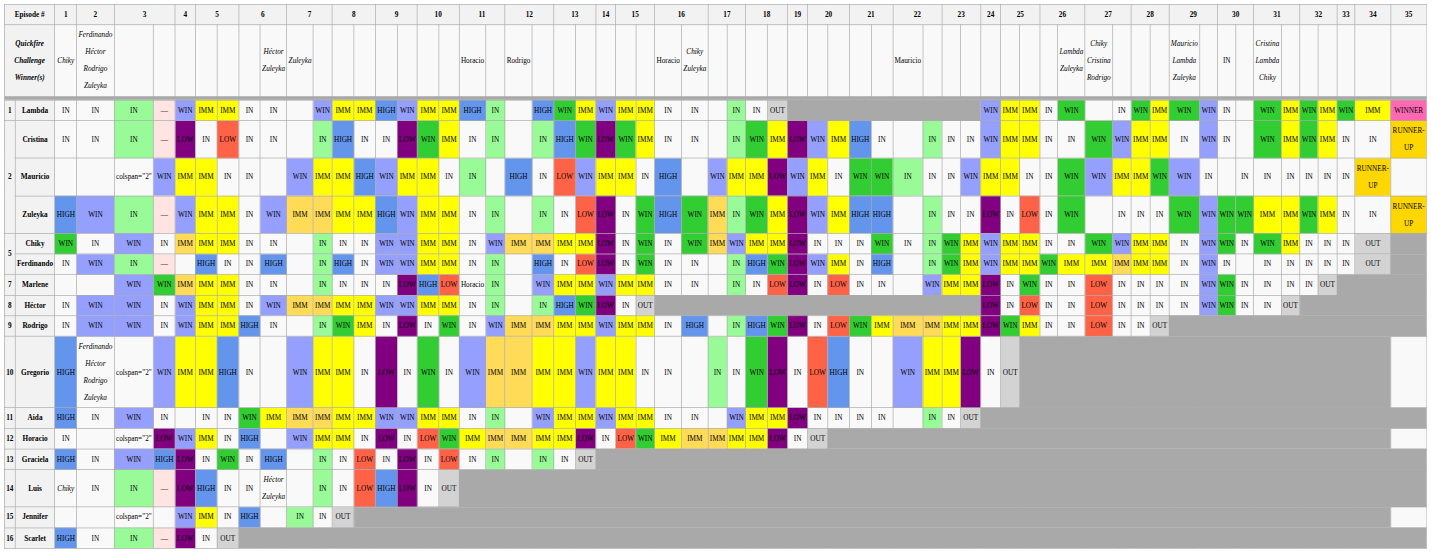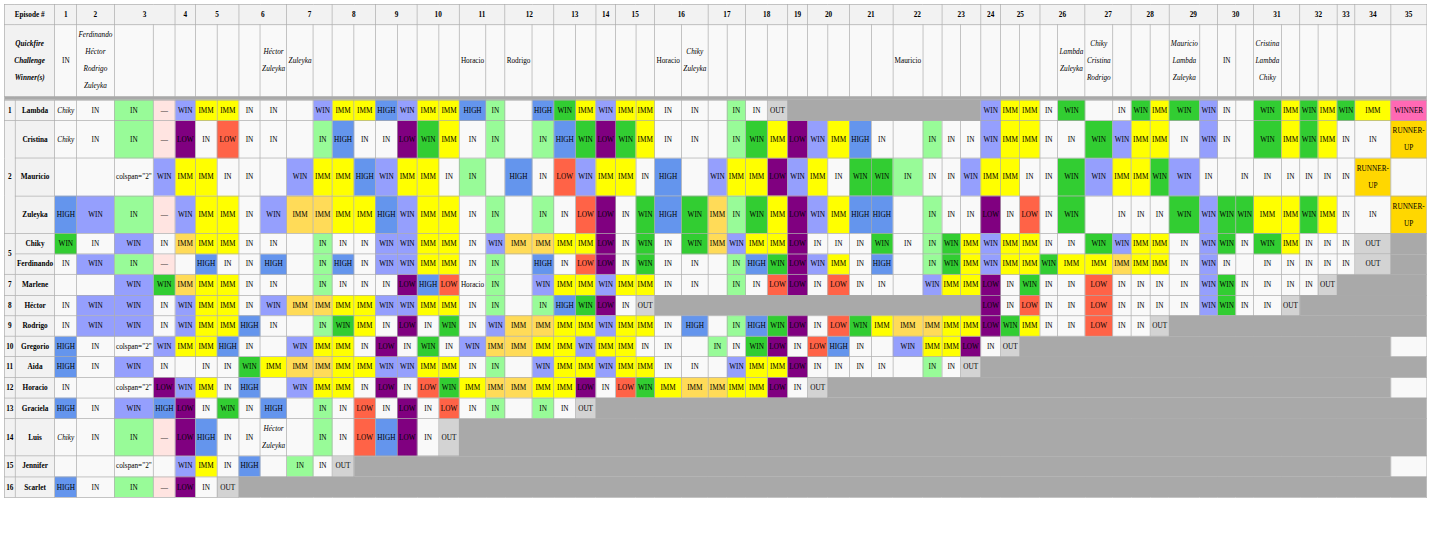 <table class="wikitable" style="text-align:center; font-size: 8pt; line-height:25px">
 <tr>
 <th colspan=2>Episode #</th>
 <th>1</th>
 <th>2</th>
 <th colspan="2">3</th>
 <th>4</th>
 <th colspan="2">5</th>
 <th colspan="2">6</th>
 <th colspan="2">7</th>
 <th colspan="2">8</th>
 <th colspan="2">9</th>
 <th colspan="2">10</th>
 <th colspan="2">11</th>
 <th colspan="2">12</th>
 <th colspan="2">13</th>
 <th>14</th>
 <th colspan="2">15</th>
 <th colspan="2">16</th>
 <th colspan="2">17</th>
 <th colspan="2">18</th>
 <th>19</th>
 <th colspan="2">20</th>
 <th colspan="2">21</th>
 <th colspan="2">22</th>
 <th colspan="2">23</th>
 <th>24</th>
 <th colspan="2">25</th>
 <th colspan="2">26</th>
 <th colspan="2">27</th>
 <th colspan="2">28</th>
 <th colspan="2">29</th>
 <th colspan="2">30</th>
 <th colspan="2">31</th>
 <th colspan="2">32</th>
 <th>33</th>
 <th>34</th>
 <th>35</th>
 </tr>
 <tr>
 <th colspan=2><em>Quickfire Challenge<br>Winner(s)</em></th>
-<td><em>Chiky</em></td>
+<td>IN</td>
 <td><em>Ferdinando</em><br><em>Héctor</em><br><em>Rodrigo</em><br><em>Zuleyka</em></td>
 <td></td>
 <td></td>
 <td></td>
 <td></td>
 <td></td>
 <td></td>
 <td><em>Héctor</em><br><em>Zuleyka</em></td>
 <td><em>Zuleyka</em></td>
 <td></td>
 <td></td>
 <td></td>
 <td></td>
 <td></td>
 <td></td>
 <td></td>
 <td>Horacio</td>
 <td></td>
 <td>Rodrigo</td>
 <td></td>
 <td></td>
 <td></td>
 <td></td>
 <td></td>
 <td></td>
 <td>Horacio</td>
 <td><em>Chiky</em><br><em>Zuleyka</em></td>
 <td></td>
 <td></td>
 <td></td>
 <td></td>
 <td></td>
 <td></td>
 <td></td>
 <td></td>
 <td></td>
 <td>Mauricio</td>
 <td></td>
 <td></td>
 <td></td>
 <td></td>
 <td></td>
 <td></td>
 <td></td>
 <td><em>Lambda</em><br><em>Zuleyka</em></td>
 <td><em>Chiky</em><br><em>Cristina</em><br><em>Rodrigo</em></td>
 <td></td>
 <td></td>
 <td></td>
 <td><em>Mauricio</em><br><em>Lambda</em><br><em>Zuleyka</em></td>
 <td></td>
 <td>IN</td>
 <td></td>
 <td><em>Cristina</em><br><em>Lambda</em><br><em>Chiky</em></td>
 <td></td>
 <td></td>
 <td></td>
 <td></td>
 <td></td>
 <td></td>
 </tr>
 <tr>
 <td colspan="63" style="background:darkgrey"></td>
 </tr>
 <tr>
 <th>1</th>
 <th>Lambda</th>
-<td>IN</td>
+<td><em>Chiky</em></td>
 <td>IN</td>
 <td style="background:palegreen">IN</td>
 <td style="background:mistyrose">—</td>
 <td style="background:#959FFD">WIN</td>
 <td style="background:yellow">IMM</td>
 <td style="background:yellow">IMM</td>
 <td>IN</td>
 <td>IN</td>
 <td></td>
 <td style="background:#959FFD">WIN</td>
 <td style="background:yellow">IMM</td>
 <td style="background:yellow">IMM</td>
 <td style="background:cornflowerblue">HIGH</td>
 <td style="background:#959FFD">WIN</td>
 <td style="background:yellow">IMM</td>
 <td style="background:yellow">IMM</td>
 <td style="background:cornflowerblue">HIGH</td>
 <td style="background:palegreen">IN</td>
 <td></td>
 <td style="background:cornflowerblue">HIGH</td>
 <td style="background:limegreen">WIN</td>
 <td style="background:yellow">IMM</td>
 <td style="background:#959FFD">WIN</td>
 <td style="background:yellow">IMM</td>
 <td style="background:yellow">IMM</td>
 <td>IN</td>
 <td>IN</td>
 <td></td>
 <td style="background:palegreen">IN</td>
 <td>IN</td>
 <td style="background:lightgrey">OUT</td>
 <td style="background:darkgrey" colspan="9"></td>
 <td style="background:#959FFD">WIN</td>
 <td style="background:yellow">IMM</td>
 <td style="background:yellow">IMM</td>
 <td>IN</td>
 <td style="background:limegreen">WIN</td>
 <td></td>
 <td>IN</td>
 <td style="background:limegreen">WIN</td>
 <td style="background:yellow">IMM</td>
 <td style="background:limegreen">WIN</td>
 <td style="background:#959FFD">WIN</td>
 <td>IN</td>
 <td></td>
 <td style="background:limegreen">WIN</td>
 <td style="background:yellow">IMM</td>
 <td style="background:limegreen">WIN</td>
 <td style="background:yellow">IMM</td>
 <td style="background:limegreen">WIN</td>
 <td style="background:yellow">IMM</td>
 <td style="background:hotpink">WINNER</td>
 </tr>
 <tr>
 <th rowspan="3">2</th>
 <th>Cristina</th>
-<td>IN</td>
+<td><em>Chiky</em></td>
 <td>IN</td>
 <td style="background:palegreen">IN</td>
 <td style="background:mistyrose">—</td>
 <td style="background:purple">LOW</td>
 <td>IN</td>
 <td style="background:tomato">LOW</td>
 <td>IN</td>
 <td>IN</td>
 <td></td>
 <td style="background:palegreen">IN</td>
 <td style="background:cornflowerblue">HIGH</td>
 <td>IN</td>
 <td>IN</td>
 <td style="background:purple">LOW</td>
 <td style="background:limegreen">WIN</td>
 <td style="background:yellow">IMM</td>
 <td>IN</td>
 <td style="background:palegreen">IN</td>
 <td></td>
 <td style="background:palegreen">IN</td>
 <td style="background:cornflowerblue">HIGH</td>
 <td style="background:limegreen">WIN</td>
 <td style="background:purple">LOW</td>
 <td style="background:limegreen">WIN</td>
 <td style="background:yellow">IMM</td>
 <td>IN</td>
 <td>IN</td>
 <td></td>
 <td style="background:palegreen">IN</td>
 <td style="background:limegreen">WIN</td>
 <td style="background:yellow">IMM</td>
 <td style="background:purple">LOW</td>
 <td style="background:#959FFD">WIN</td>
 <td style="background:yellow">IMM</td>
 <td style="background:cornflowerblue">HIGH</td>
 <td>IN</td>
 <td></td>
 <td style="background:palegreen">IN</td>
 <td>IN</td>
 <td>IN</td>
 <td style="background:#959FFD">WIN</td>
 <td style="background:yellow">IMM</td>
 <td style="background:yellow">IMM</td>
 <td>IN</td>
 <td>IN</td>
 <td style="background:limegreen">WIN</td>
 <td style="background:#959FFD">WIN</td>
 <td style="background:yellow">IMM</td>
 <td style="background:yellow">IMM</td>
 <td>IN</td>
 <td style="background:#959FFD">WIN</td>
 <td>IN</td>
 <td></td>
 <td style="background:limegreen">WIN</td>
 <td style="background:yellow">IMM</td>
 <td style="background:limegreen">WIN</td>
 <td style="background:yellow">IMM</td>
 <td>IN</td>
 <td>IN</td>
 <td style="background:gold">RUNNER-UP</td>
 </tr>
 <tr>
 <th>Mauricio</th>
 <td></td>
 <td></td>
 <td>colspan="2" </td>
 <td style="background:#959FFD">WIN</td>
 <td style="background:yellow">IMM</td>
 <td style="background:yellow">IMM</td>
 <td>IN</td>
 <td>IN</td>
 <td></td>
 <td style="background:#959FFD">WIN</td>
 <td style="background:yellow">IMM</td>
 <td style="background:yellow">IMM</td>
 <td style="background:cornflowerblue">HIGH</td>
 <td style="background:#959FFD">WIN</td>
 <td style="background:yellow">IMM</td>
 <td style="background:yellow">IMM</td>
 <td>IN</td>
 <td style="background:palegreen">IN</td>
 <td></td>
 <td style="background:cornflowerblue">HIGH</td>
 <td>IN</td>
 <td style="background:tomato">LOW</td>
 <td style="background:#959FFD">WIN</td>
 <td style="background:yellow">IMM</td>
 <td style="background:yellow">IMM</td>
 <td>IN</td>
 <td style="background:cornflowerblue">HIGH</td>
 <td></td>
 <td style="background:#959FFD">WIN</td>
 <td style="background:yellow">IMM</td>
 <td style="background:yellow">IMM</td>
 <td style="background:purple">LOW</td>
 <td style="background:#959FFD">WIN</td>
 <td style="background:yellow">IMM</td>
 <td>IN</td>
 <td style="background:limegreen">WIN</td>
 <td style="background:limegreen">WIN</td>
 <td style="background:palegreen">IN</td>
 <td>IN</td>
 <td>IN</td>
 <td style="background:#959FFD">WIN</td>
 <td style="background:yellow">IMM</td>
 <td style="background:yellow">IMM</td>
 <td>IN</td>
 <td>IN</td>
 <td style="background:limegreen">WIN</td>
 <td style="background:#959FFD">WIN</td>
 <td style="background:yellow">IMM</td>
 <td style="background:yellow">IMM</td>
 <td style="background:limegreen">WIN</td>
 <td style="background:#959FFD">WIN</td>
 <td>IN</td>
 <td></td>
 <td>IN</td>
 <td>IN</td>
 <td>IN</td>
 <td>IN</td>
 <td>IN</td>
 <td>IN</td>
 <td style="background:gold">RUNNER-UP</td>
 </tr>
 <tr>
 <th>Zuleyka</th>
 <td style="background:cornflowerblue">HIGH</td>
 <td style="background:#959FFD">WIN</td>
 <td style="background:palegreen">IN</td>
 <td style="background:mistyrose">—</td>
 <td style="background:#959FFD">WIN</td>
 <td style="background:yellow">IMM</td>
 <td style="background:yellow">IMM</td>
 <td>IN</td>
 <td style="background:#959FFD">WIN</td>
 <td style="background:#FFDB58">IMM</td>
 <td style="background:#FFDB58">IMM</td>
 <td style="background:yellow">IMM</td>
 <td style="background:yellow">IMM</td>
 <td style="background:cornflowerblue">HIGH</td>
 <td style="background:#959FFD">WIN</td>
 <td style="background:yellow">IMM</td>
 <td style="background:yellow">IMM</td>
 <td>IN</td>
 <td style="background:palegreen">IN</td>
 <td></td>
 <td style="background:palegreen">IN</td>
 <td>IN</td>
 <td style="background:tomato">LOW</td>
 <td style="background:purple">LOW</td>
 <td>IN</td>
 <td style="background:limegreen">WIN</td>
 <td style="background:cornflowerblue">HIGH</td>
 <td style="background:limegreen">WIN</td>
 <td style="background:#FFDB58">IMM</td>
 <td style="background:palegreen">IN</td>
 <td style="background:limegreen">WIN</td>
 <td style="background:yellow">IMM</td>
 <td style="background:purple">LOW</td>
 <td style="background:#959FFD">WIN</td>
 <td style="background:yellow">IMM</td>
 <td style="background:cornflowerblue">HIGH</td>
 <td style="background:cornflowerblue">HIGH</td>
 <td></td>
 <td style="background:palegreen">IN</td>
 <td>IN</td>
 <td>IN</td>
 <td style="background:purple">LOW</td>
 <td>IN</td>
 <td style="background:tomato">LOW</td>
 <td>IN</td>
 <td style="background:limegreen">WIN</td>
 <td></td>
 <td>IN</td>
 <td>IN</td>
 <td>IN</td>
 <td style="background:limegreen">WIN</td>
 <td style="background:#959FFD">WIN</td>
 <td style="background:limegreen">WIN</td>
 <td style="background:limegreen">WIN</td>
 <td style="background:yellow">IMM</td>
 <td style="background:yellow">IMM</td>
 <td style="background:limegreen">WIN</td>
 <td style="background:yellow">IMM</td>
 <td>IN</td>
 <td>IN</td>
 <td style="background:gold">RUNNER-UP</td>
 </tr>
 <tr>
 <th rowspan="2">5</th>
 <th>Chiky</th>
 <td style="background:limegreen">WIN</td>
 <td>IN</td>
 <td style="background:#959FFD">WIN</td>
 <td>IN</td>
 <td style="background:#FFDB58">IMM</td>
 <td style="background:yellow">IMM</td>
 <td style="background:yellow">IMM</td>
 <td>IN</td>
 <td>IN</td>
 <td></td>
 <td style="background:palegreen">IN</td>
 <td>IN</td>
 <td>IN</td>
 <td style="background:#959FFD">WIN</td>
 <td style="background:#959FFD">WIN</td>
 <td style="background:yellow">IMM</td>
 <td style="background:yellow">IMM</td>
 <td>IN</td>
 <td style="background:#959FFD">WIN</td>
 <td style="background:#FFDB58">IMM</td>
 <td style="background:#FFDB58">IMM</td>
 <td style="background:yellow">IMM</td>
 <td style="background:yellow">IMM</td>
 <td style="background:purple">LOW</td>
 <td>IN</td>
 <td style="background:limegreen">WIN</td>
 <td>IN</td>
 <td style="background:limegreen">WIN</td>
 <td style="background:#FFDB58">IMM</td>
 <td style="background:#959FFD">WIN</td>
 <td style="background:yellow">IMM</td>
 <td style="background:yellow">IMM</td>
 <td style="background:purple">LOW</td>
 <td>IN</td>
 <td>IN</td>
 <td>IN</td>
 <td style="background:limegreen">WIN</td>
 <td>IN</td>
 <td style="background:palegreen">IN</td>
 <td style="background:limegreen">WIN</td>
 <td style="background:yellow">IMM</td>
 <td style="background:#959FFD">WIN</td>
 <td style="background:yellow">IMM</td>
 <td style="background:yellow">IMM</td>
 <td>IN</td>
 <td>IN</td>
 <td style="background:limegreen">WIN</td>
 <td style="background:#959FFD">WIN</td>
 <td style="background:yellow">IMM</td>
 <td style="background:yellow">IMM</td>
 <td>IN</td>
 <td style="background:#959FFD">WIN</td>
 <td style="background:limegreen">WIN</td>
 <td>IN</td>
 <td style="background:limegreen">WIN</td>
 <td style="background:yellow">IMM</td>
 <td>IN</td>
 <td>IN</td>
 <td>IN</td>
 <td style="background:lightgrey">OUT</td>
 <td style="background:darkgrey"></td>
 </tr>
 <tr>
 <th>Ferdinando</th>
 <td>IN</td>
 <td style="background:#959FFD">WIN</td>
 <td style="background:palegreen">IN</td>
 <td style="background:mistyrose">—</td>
 <td></td>
 <td style="background:cornflowerblue">HIGH</td>
 <td>IN</td>
 <td>IN</td>
 <td style="background:cornflowerblue">HIGH</td>
 <td></td>
 <td style="background:palegreen">IN</td>
 <td style="background:cornflowerblue">HIGH</td>
 <td>IN</td>
 <td style="background:#959FFD">WIN</td>
 <td style="background:#959FFD">WIN</td>
 <td style="background:yellow">IMM</td>
 <td style="background:yellow">IMM</td>
 <td>IN</td>
 <td style="background:palegreen">IN</td>
 <td></td>
 <td style="background:cornflowerblue">HIGH</td>
 <td>IN</td>
 <td style="background:tomato">LOW</td>
 <td style="background:purple">LOW</td>
 <td>IN</td>
 <td style="background:limegreen">WIN</td>
 <td>IN</td>
 <td>IN</td>
 <td></td>
 <td style="background:palegreen">IN</td>
 <td style="background:cornflowerblue">HIGH</td>
 <td style="background:limegreen">WIN</td>
 <td style="background:purple">LOW</td>
 <td style="background:#959FFD">WIN</td>
 <td style="background:yellow">IMM</td>
 <td>IN</td>
 <td style="background:cornflowerblue">HIGH</td>
 <td></td>
 <td style="background:palegreen">IN</td>
 <td style="background:limegreen">WIN</td>
 <td style="background:yellow">IMM</td>
 <td style="background:#959FFD">WIN</td>
 <td style="background:yellow">IMM</td>
 <td style="background:yellow">IMM</td>
 <td style="background:limegreen">WIN</td>
 <td style="background:yellow">IMM</td>
 <td style="background:yellow">IMM</td>
 <td style="background:#FFDB58">IMM</td>
 <td style="background:yellow">IMM</td>
 <td style="background:yellow">IMM</td>
 <td>IN</td>
 <td style="background:#959FFD">WIN</td>
 <td>IN</td>
 <td></td>
 <td>IN</td>
 <td>IN</td>
 <td>IN</td>
 <td>IN</td>
 <td>IN</td>
 <td style="background:lightgrey">OUT</td>
 <td style="background:darkgrey"></td>
 </tr>
 <tr>
 <th>7</th>
 <th>Marlene</th>
 <td></td>
 <td></td>
 <td style="background:#959FFD">WIN</td>
 <td style="background:limegreen">WIN</td>
 <td style="background:#FFDB58">IMM</td>
 <td style="background:yellow">IMM</td>
 <td style="background:yellow">IMM</td>
 <td>IN</td>
 <td>IN</td>
 <td></td>
 <td style="background:palegreen">IN</td>
 <td>IN</td>
 <td>IN</td>
 <td>IN</td>
 <td style="background:purple">LOW</td>
 <td style="background:cornflowerblue">HIGH</td>
 <td style="background:tomato">LOW</td>
 <td>Horacio</td>
 <td style="background:palegreen">IN</td>
 <td></td>
 <td style="background:#959FFD">WIN</td>
 <td style="background:yellow">IMM</td>
 <td style="background:yellow">IMM</td>
 <td style="background:#959FFD">WIN</td>
 <td style="background:yellow">IMM</td>
 <td style="background:yellow">IMM</td>
 <td>IN</td>
 <td>IN</td>
 <td></td>
 <td style="background:palegreen">IN</td>
 <td>IN</td>
 <td style="background:tomato">LOW</td>
 <td style="background:purple">LOW</td>
 <td>IN</td>
 <td style="background:tomato">LOW</td>
 <td>IN</td>
 <td>IN</td>
 <td></td>
 <td style="background:#959FFD">WIN</td>
 <td style="background:yellow">IMM</td>
 <td style="background:yellow">IMM</td>
 <td style="background:purple">LOW</td>
 <td>IN</td>
 <td style="background:limegreen">WIN</td>
 <td>IN</td>
 <td>IN</td>
 <td style="background:tomato">LOW</td>
 <td>IN</td>
 <td>IN</td>
 <td>IN</td>
 <td>IN</td>
 <td style="background:#959FFD">WIN</td>
 <td style="background:limegreen">WIN</td>
 <td>IN</td>
 <td>IN</td>
 <td>IN</td>
 <td>IN</td>
 <td style="background:lightgrey">OUT</td>
 <td style="background:darkgrey" colspan="3"></td>
 </tr>
 <tr>
 <th>8</th>
 <th>Héctor</th>
 <td>IN</td>
 <td style="background:#959FFD">WIN</td>
 <td style="background:#959FFD">WIN</td>
 <td>IN</td>
 <td style="background:#959FFD">WIN</td>
 <td style="background:yellow">IMM</td>
 <td style="background:yellow">IMM</td>
 <td>IN</td>
 <td style="background:#959FFD">WIN</td>
 <td style="background:#FFDB58">IMM</td>
 <td style="background:#FFDB58">IMM</td>
 <td style="background:yellow">IMM</td>
 <td style="background:yellow">IMM</td>
 <td style="background:#959FFD">WIN</td>
 <td style="background:#959FFD">WIN</td>
 <td style="background:yellow">IMM</td>
 <td style="background:yellow">IMM</td>
 <td>IN</td>
 <td style="background:palegreen">IN</td>
 <td></td>
 <td style="background:palegreen">IN</td>
 <td style="background:cornflowerblue">HIGH</td>
 <td style="background:limegreen">WIN</td>
 <td style="background:purple">LOW</td>
 <td>IN</td>
 <td style="background:lightgrey">OUT</td>
 <td style="background:darkgrey" colspan="15"></td>
 <td style="background:purple">LOW</td>
 <td>IN</td>
 <td style="background:tomato">LOW</td>
 <td>IN</td>
 <td>IN</td>
 <td style="background:tomato">LOW</td>
 <td>IN</td>
 <td>IN</td>
 <td>IN</td>
 <td>IN</td>
 <td style="background:#959FFD">WIN</td>
 <td style="background:limegreen">WIN</td>
 <td>IN</td>
 <td>IN</td>
 <td style="background:lightgrey">OUT</td>
 <td style="background:darkgrey" colspan="5"></td>
 </tr>
 <tr>
 <th>9</th>
 <th>Rodrigo</th>
 <td>IN</td>
 <td style="background:#959FFD">WIN</td>
 <td style="background:#959FFD">WIN</td>
 <td>IN</td>
 <td style="background:#959FFD">WIN</td>
 <td style="background:yellow">IMM</td>
 <td style="background:yellow">IMM</td>
 <td style="background:cornflowerblue">HIGH</td>
 <td>IN</td>
 <td></td>
 <td style="background:palegreen">IN</td>
 <td style="background:limegreen">WIN</td>
 <td style="background:yellow">IMM</td>
 <td>IN</td>
 <td style="background:purple">LOW</td>
 <td>IN</td>
 <td style="background:limegreen">WIN</td>
 <td>IN</td>
 <td style="background:#959FFD">WIN</td>
 <td style="background:#FFDB58">IMM</td>
 <td style="background:#FFDB58">IMM</td>
 <td style="background:yellow">IMM</td>
 <td style="background:yellow">IMM</td>
 <td style="background:#959FFD">WIN</td>
 <td style="background:yellow">IMM</td>
 <td style="background:yellow">IMM</td>
 <td>IN</td>
 <td style="background:cornflowerblue">HIGH</td>
 <td></td>
 <td style="background:palegreen">IN</td>
 <td style="background:cornflowerblue">HIGH</td>
 <td style="background:limegreen">WIN</td>
 <td style="background:purple">LOW</td>
 <td>IN</td>
 <td style="background:tomato">LOW</td>
 <td style="background:limegreen">WIN</td>
 <td style="background:yellow">IMM</td>
 <td style="background:#FFDB58">IMM</td>
 <td style="background:#FFDB58">IMM</td>
 <td style="background:yellow">IMM</td>
 <td style="background:yellow">IMM</td>
 <td style="background:purple">LOW</td>
 <td style="background:limegreen">WIN</td>
 <td style="background:yellow">IMM</td>
 <td>IN</td>
 <td>IN</td>
 <td style="background:tomato">LOW</td>
 <td>IN</td>
 <td>IN</td>
 <td style="background:lightgrey">OUT</td>
 <td style="background:darkgrey" colspan="11"></td>
 </tr>
 <tr>
 <th>10</th>
 <th>Gregorio</th>
 <td style="background:cornflowerblue">HIGH</td>
-<td><em>Ferdinando</em><br><em>Héctor</em><br><em>Rodrigo</em><br><em>Zuleyka</em></td>
+<td>IN</td>
 <td>colspan="2" </td>
 <td style="background:#959FFD">WIN</td>
 <td style="background:yellow">IMM</td>
 <td style="background:yellow">IMM</td>
 <td style="background:cornflowerblue">HIGH</td>
 <td>IN</td>
 <td></td>
 <td style="background:#959FFD">WIN</td>
 <td style="background:yellow">IMM</td>
 <td style="background:yellow">IMM</td>
 <td>IN</td>
 <td style="background:purple">LOW</td>
 <td>IN</td>
 <td style="background:limegreen">WIN</td>
 <td>IN</td>
 <td style="background:#959FFD">WIN</td>
 <td style="background:#FFDB58">IMM</td>
 <td style="background:#FFDB58">IMM</td>
 <td style="background:yellow">IMM</td>
 <td style="background:yellow">IMM</td>
 <td style="background:#959FFD">WIN</td>
 <td style="background:yellow">IMM</td>
 <td style="background:yellow">IMM</td>
 <td>IN</td>
 <td>IN</td>
 <td></td>
 <td style="background:palegreen">IN</td>
 <td>IN</td>
 <td style="background:limegreen">WIN</td>
 <td style="background:purple">LOW</td>
 <td>IN</td>
 <td style="background:tomato">LOW</td>
 <td style="background:cornflowerblue">HIGH</td>
 <td>IN</td>
 <td></td>
 <td style="background:#959FFD">WIN</td>
 <td style="background:yellow">IMM</td>
 <td style="background:yellow">IMM</td>
 <td style="background:purple">LOW</td>
 <td>IN</td>
 <td style="background:lightgrey">OUT</td>
 <td style="background:darkgrey" colspan="17"></td>
 </tr>
 <tr>
 <th>11</th>
 <th>Aida</th>
 <td style="background:cornflowerblue">HIGH</td>
 <td>IN</td>
 <td style="background:#959FFD">WIN</td>
 <td>IN</td>
 <td></td>
 <td>IN</td>
 <td>IN</td>
 <td style="background:limegreen">WIN</td>
 <td style="background:yellow">IMM</td>
 <td style="background:#FFDB58">IMM</td>
 <td style="background:#FFDB58">IMM</td>
 <td style="background:yellow">IMM</td>
 <td style="background:yellow">IMM</td>
 <td style="background:#959FFD">WIN</td>
 <td style="background:#959FFD">WIN</td>
 <td style="background:yellow">IMM</td>
 <td style="background:yellow">IMM</td>
 <td>IN</td>
 <td style="background:palegreen">IN</td>
 <td></td>
 <td style="background:#959FFD">WIN</td>
 <td style="background:yellow">IMM</td>
 <td style="background:yellow">IMM</td>
 <td style="background:#959FFD">WIN</td>
 <td style="background:yellow">IMM</td>
 <td style="background:yellow">IMM</td>
 <td>IN</td>
 <td>IN</td>
 <td></td>
 <td style="background:#959FFD">WIN</td>
 <td style="background:yellow">IMM</td>
 <td style="background:yellow">IMM</td>
 <td style="background:purple">LOW</td>
 <td>IN</td>
 <td>IN</td>
 <td>IN</td>
 <td>IN</td>
 <td></td>
 <td style="background:palegreen">IN</td>
 <td>IN</td>
 <td style="background:lightgrey">OUT</td>
 <td style="background:darkgrey" colspan="20"></td>
 </tr>
 <tr>
 <th>12</th>
 <th>Horacio</th>
 <td>IN</td>
 <td></td>
 <td>colspan="2" </td>
 <td style="background:purple">LOW</td>
 <td style="background:#959FFD">WIN</td>
 <td style="background:yellow">IMM</td>
 <td>IN</td>
 <td style="background:cornflowerblue">HIGH</td>
 <td></td>
 <td style="background:#959FFD">WIN</td>
 <td style="background:yellow">IMM</td>
 <td style="background:yellow">IMM</td>
 <td>IN</td>
 <td style="background:purple">LOW</td>
 <td>IN</td>
 <td style="background:tomato">LOW</td>
 <td style="background:limegreen">WIN</td>
 <td style="background:yellow">IMM</td>
 <td style="background:#FFDB58">IMM</td>
 <td style="background:#FFDB58">IMM</td>
 <td style="background:yellow">IMM</td>
 <td style="background:yellow">IMM</td>
 <td style="background:purple">LOW</td>
 <td>IN</td>
 <td style="background:tomato">LOW</td>
 <td style="background:limegreen">WIN</td>
 <td style="background:yellow">IMM</td>
 <td style="background:#FFDB58">IMM</td>
 <td style="background:#FFDB58">IMM</td>
 <td style="background:yellow">IMM</td>
 <td style="background:yellow">IMM</td>
 <td style="background:purple">LOW</td>
 <td>IN</td>
 <td style="background:lightgrey">OUT</td>
 <td style="background:darkgrey" colspan="26"></td>
 </tr>
 <tr>
 <th>13</th>
 <th>Graciela</th>
 <td style="background:cornflowerblue">HIGH</td>
 <td>IN</td>
 <td style="background:#959FFD">WIN</td>
 <td style="background:cornflowerblue">HIGH</td>
 <td style="background:purple">LOW</td>
 <td>IN</td>
 <td style="background:limegreen">WIN</td>
 <td>IN</td>
 <td style="background:cornflowerblue">HIGH</td>
 <td></td>
 <td style="background:palegreen">IN</td>
 <td>IN</td>
 <td style="background:tomato">LOW</td>
 <td>IN</td>
 <td style="background:purple">LOW</td>
 <td>IN</td>
 <td style="background:tomato">LOW</td>
 <td>IN</td>
 <td style="background:palegreen">IN</td>
 <td></td>
 <td style="background:palegreen">IN</td>
 <td>IN</td>
 <td style="background:lightgrey">OUT</td>
 <td style="background:darkgrey" colspan="38"></td>
 </tr>
 <tr>
 <th>14</th>
 <th>Luis</th>
 <td><em>Chiky</em></td>
 <td>IN</td>
 <td style="background:palegreen">IN</td>
 <td style="background:mistyrose">—</td>
 <td style="background:purple">LOW</td>
 <td style="background:cornflowerblue">HIGH</td>
 <td>IN</td>
 <td>IN</td>
 <td><em>Héctor</em><br><em>Zuleyka</em></td>
 <td></td>
 <td style="background:palegreen">IN</td>
 <td>IN</td>
 <td style="background:tomato">LOW</td>
 <td style="background:cornflowerblue">HIGH</td>
 <td style="background:purple">LOW</td>
 <td>IN</td>
 <td style="background:lightgrey">OUT</td>
 <td style="background:darkgrey" colspan="44"></td>
 </tr>
 <tr>
 <th>15</th>
 <th>Jennifer</th>
 <td></td>
 <td></td>
 <td>colspan="2"</td>
 <td></td>
 <td style="background:#959FFD">WIN</td>
 <td style="background:yellow">IMM</td>
 <td>IN</td>
 <td style="background:cornflowerblue">HIGH</td>
 <td></td>
 <td style="background:palegreen">IN</td>
 <td>IN</td>
 <td style="background:lightgrey">OUT</td>
 <td style="background:darkgrey" colspan="48"></td>
 </tr>
 <tr>
 <th>16</th>
 <th>Scarlet</th>
 <td style="background:cornflowerblue">HIGH</td>
 <td>IN</td>
 <td style="background:palegreen">IN</td>
 <td style="background:mistyrose">—</td>
 <td style="background:purple">LOW</td>
 <td>IN</td>
 <td style="background:lightgrey">OUT</td>
 <td style="background:darkgrey" colspan="54"></td>
 </tr>
 </table>
